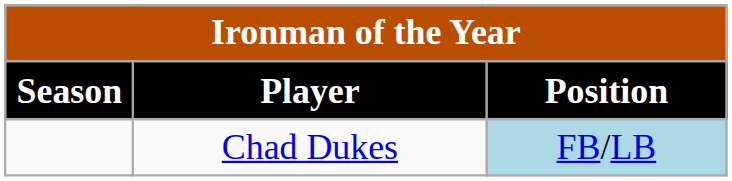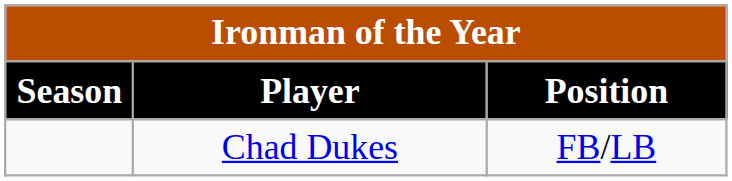 <table class="wikitable sortable" style="text-align:center">
 <tr>
 <td colspan="4" style="background:#BA4D00; color:white;"><strong>Ironman of the Year</strong></td>
 </tr>
 <tr>
 <th style="width:50px; background:black; color:white;">Season</th>
 <th style="width:150px; background:black; color:white;">Player</th>
 <th style="width:100px; background:black; color:white;">Position</th>
 </tr>
 <tr>
 <td></td>
 <td><a href='#'>Chad Dukes</a></td>
-<td style="background: lightblue;"><a href='#'>FB</a>/<a href='#'>LB</a></td>
+<td><a href='#'>FB</a>/<a href='#'>LB</a></td>
 </tr>
 </table>
